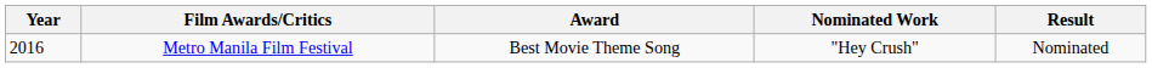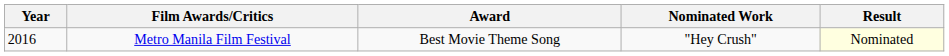 <table class="wikitable" style="font-size: 95%;" width="80%">
 <tr>
 <th>Year</th>
 <th>Film Awards/Critics</th>
 <th>Award</th>
 <th>Nominated Work</th>
 <th>Result</th>
 </tr>
 <tr>
 <td rowspan="6">2016</td>
 <td style="text-align:center;"><a href='#'>Metro Manila Film Festival</a></td>
 <td style="text-align:center;">Best Movie Theme Song</td>
 <td style="text-align:center;">"Hey Crush"</td>
-<td style="text-align:center;">Nominated</td>
+<td style="background: lightyellow; text-align:center;">Nominated</td>
 </tr>
 </table>
